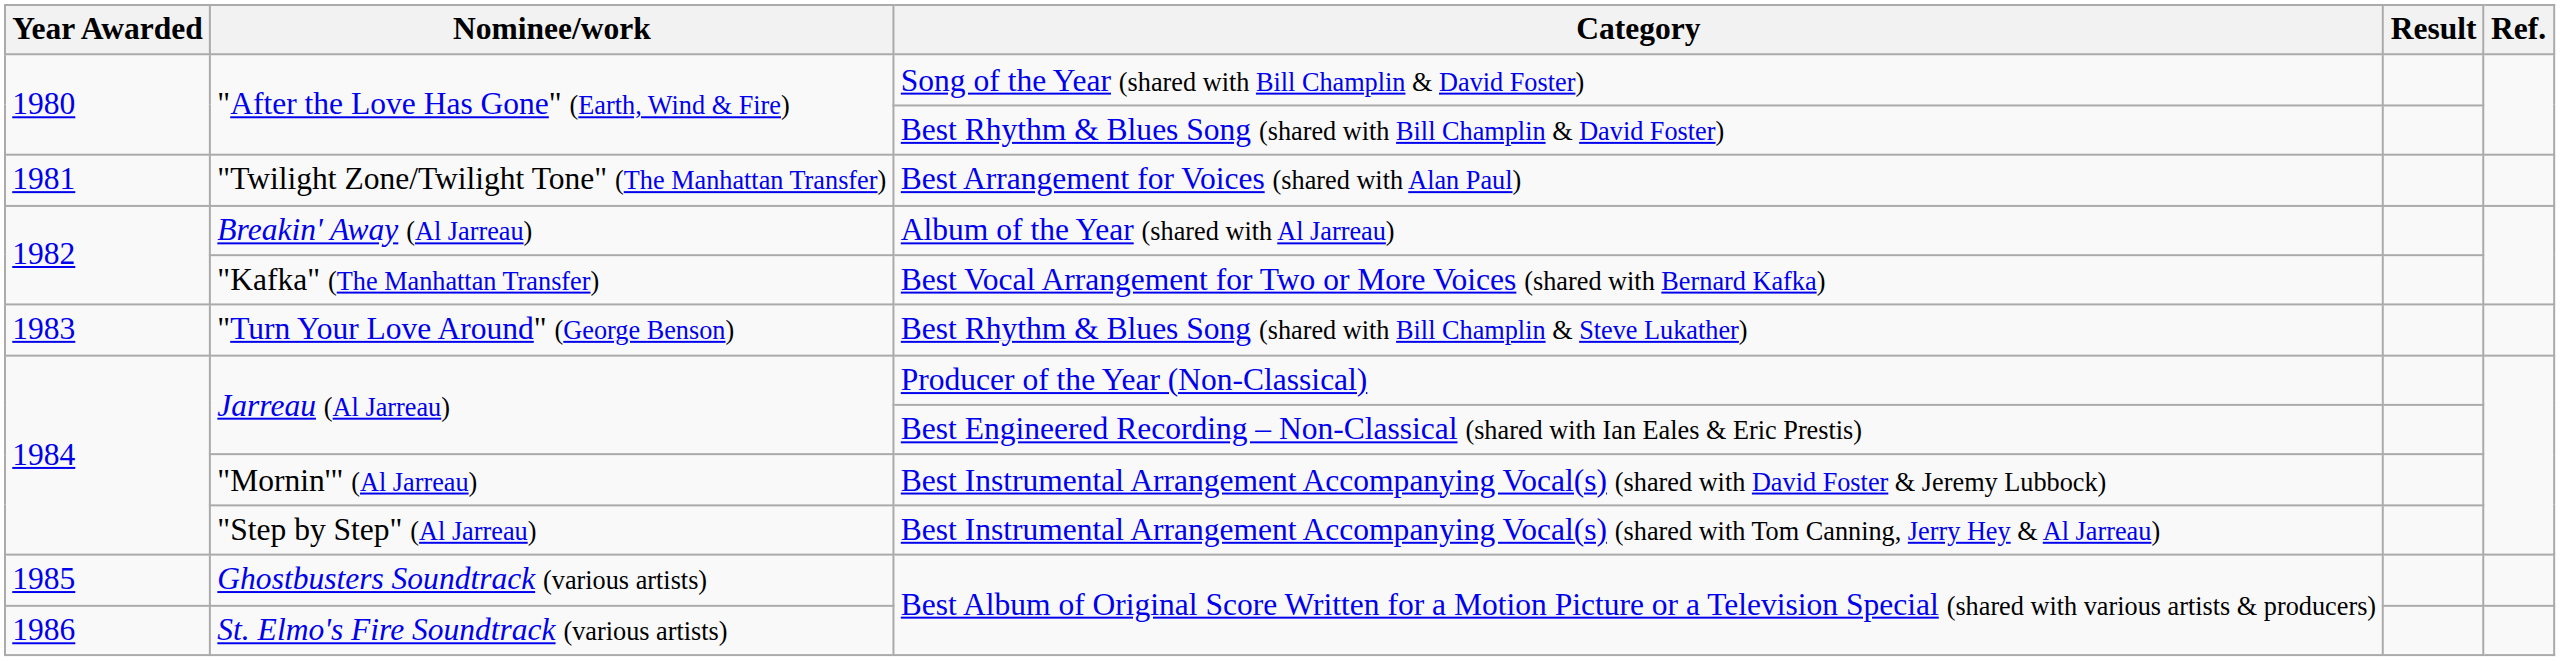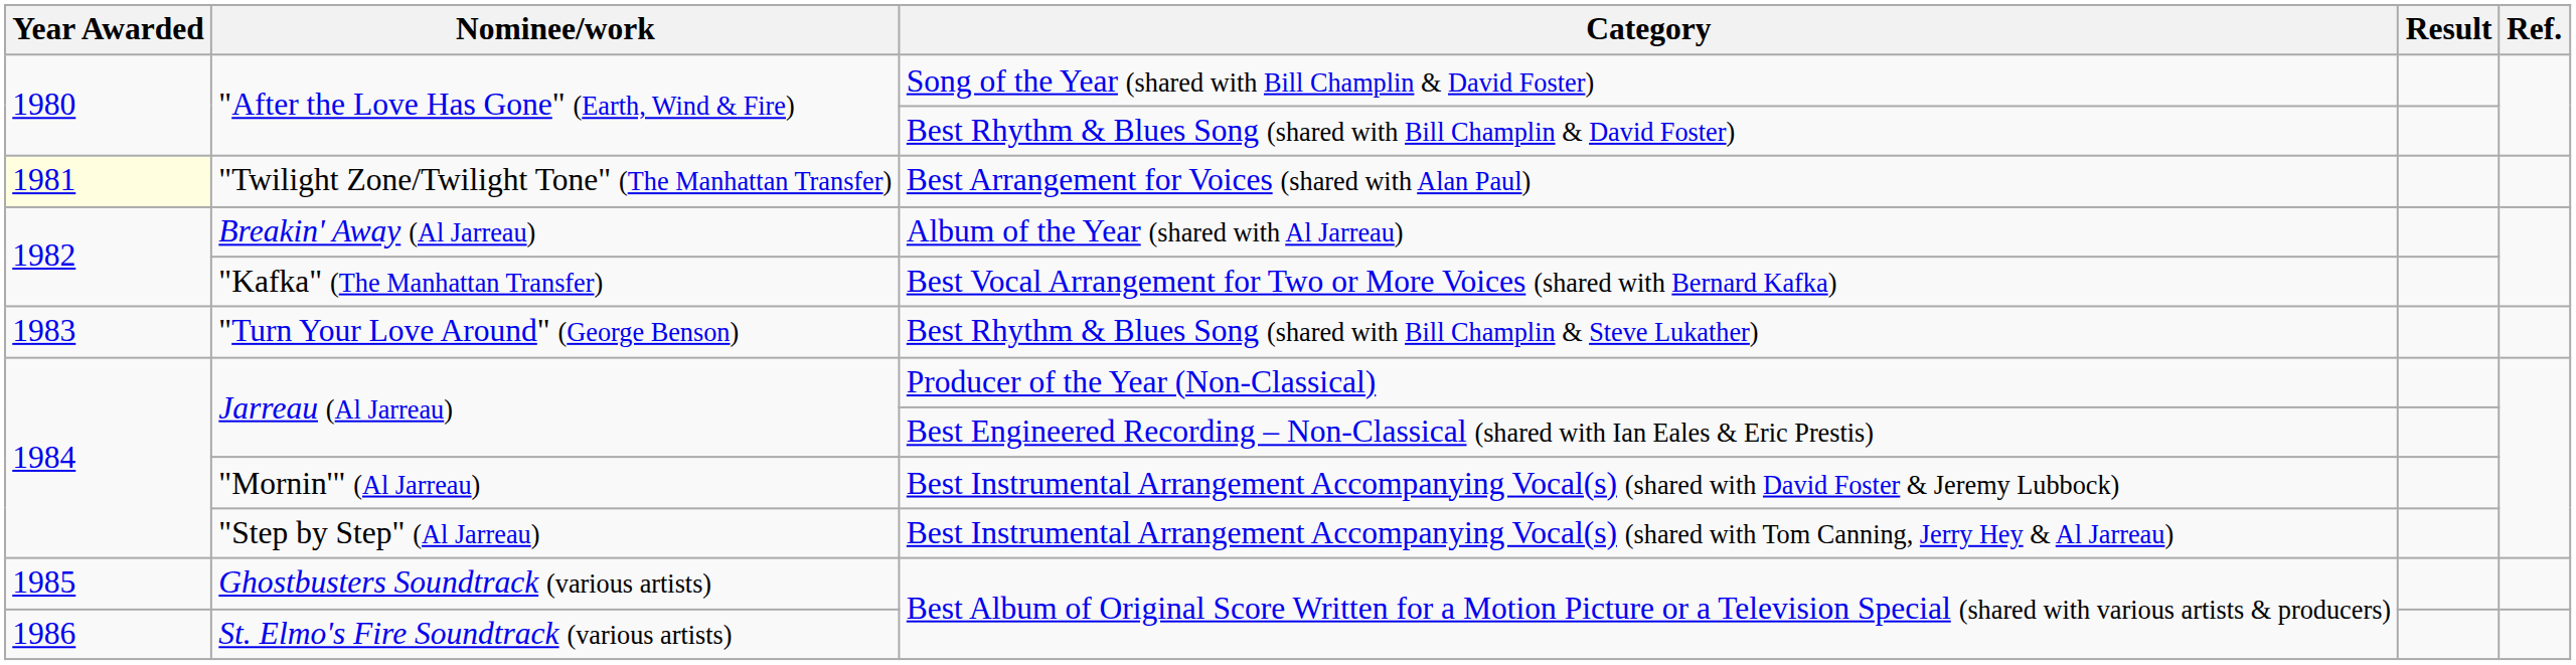 <table class="wikitable">
 <tr>
 <th>Year Awarded</th>
 <th>Nominee/work</th>
 <th>Category</th>
 <th>Result</th>
 <th>Ref.</th>
 </tr>
 <tr>
 <td rowspan="2"><a href='#'>1980</a></td>
 <td rowspan="2">"<a href='#'>After the Love Has Gone</a>" <small>(<a href='#'>Earth, Wind & Fire</a>)</small></td>
 <td><a href='#'>Song of the Year</a> <small>(shared with <a href='#'>Bill Champlin</a> & <a href='#'>David Foster</a>)</small></td>
 <td></td>
 <td rowspan="2"></td>
 </tr>
 <tr>
 <td><a href='#'>Best Rhythm & Blues Song</a> <small>(shared with <a href='#'>Bill Champlin</a> & <a href='#'>David Foster</a>)</small></td>
 <td></td>
 </tr>
 <tr>
-<td><a href='#'>1981</a></td>
+<td style="background: lightyellow;"><a href='#'>1981</a></td>
 <td>"Twilight Zone/Twilight Tone" <small>(<a href='#'>The Manhattan Transfer</a>)</small></td>
 <td><a href='#'>Best Arrangement for Voices</a> <small>(shared with <a href='#'>Alan Paul</a>)</small></td>
 <td></td>
 <td></td>
 </tr>
 <tr>
 <td rowspan="2"><a href='#'>1982</a></td>
 <td><em><a href='#'>Breakin' Away</a></em> <small>(<a href='#'>Al Jarreau</a>)</small></td>
 <td><a href='#'>Album of the Year</a>  <small>(shared with <a href='#'>Al Jarreau</a>)</small></td>
 <td></td>
 <td rowspan="2"></td>
 </tr>
 <tr>
 <td>"Kafka" <small>(<a href='#'>The Manhattan Transfer</a>)</small></td>
 <td><a href='#'>Best Vocal Arrangement for Two or More Voices</a>  <small>(shared with <a href='#'>Bernard Kafka</a>)</small></td>
 <td></td>
 </tr>
 <tr>
 <td><a href='#'>1983</a></td>
 <td>"<a href='#'>Turn Your Love Around</a>" <small>(<a href='#'>George Benson</a>)</small></td>
 <td><a href='#'>Best Rhythm & Blues Song</a>  <small>(shared with <a href='#'>Bill Champlin</a> & <a href='#'>Steve Lukather</a>)</small></td>
 <td></td>
 <td></td>
 </tr>
 <tr>
 <td rowspan="4"><a href='#'>1984</a></td>
 <td rowspan="2"><em><a href='#'>Jarreau</a></em> <small>(<a href='#'>Al Jarreau</a>)</small></td>
 <td><a href='#'>Producer of the Year (Non-Classical)</a></td>
 <td></td>
 <td rowspan="4"></td>
 </tr>
 <tr>
 <td><a href='#'>Best Engineered Recording – Non-Classical</a> <small>(shared with Ian Eales & Eric Prestis)</small></td>
 <td></td>
 </tr>
 <tr>
 <td>"Mornin'" <small>(<a href='#'>Al Jarreau</a>)</small></td>
 <td><a href='#'>Best Instrumental Arrangement Accompanying Vocal(s)</a> <small>(shared with <a href='#'>David Foster</a> & Jeremy Lubbock)</small></td>
 <td></td>
 </tr>
 <tr>
 <td>"Step by Step"  <small>(<a href='#'>Al Jarreau</a>)</small></td>
 <td><a href='#'>Best Instrumental Arrangement Accompanying Vocal(s)</a> <small>(shared with Tom Canning, <a href='#'>Jerry Hey</a> & <a href='#'>Al Jarreau</a>)</small></td>
 <td></td>
 </tr>
 <tr>
 <td><a href='#'>1985</a></td>
 <td><em><a href='#'>Ghostbusters Soundtrack</a></em> <small>(various artists)</small></td>
 <td rowspan="2"><a href='#'>Best Album of Original Score Written for a Motion Picture or a Television Special</a> <small>(shared with various artists & producers)</small></td>
 <td></td>
 <td></td>
 </tr>
 <tr>
 <td><a href='#'>1986</a></td>
 <td><em><a href='#'>St. Elmo's Fire Soundtrack</a></em> <small>(various artists)</small></td>
 <td></td>
 <td></td>
 </tr>
 </table>
